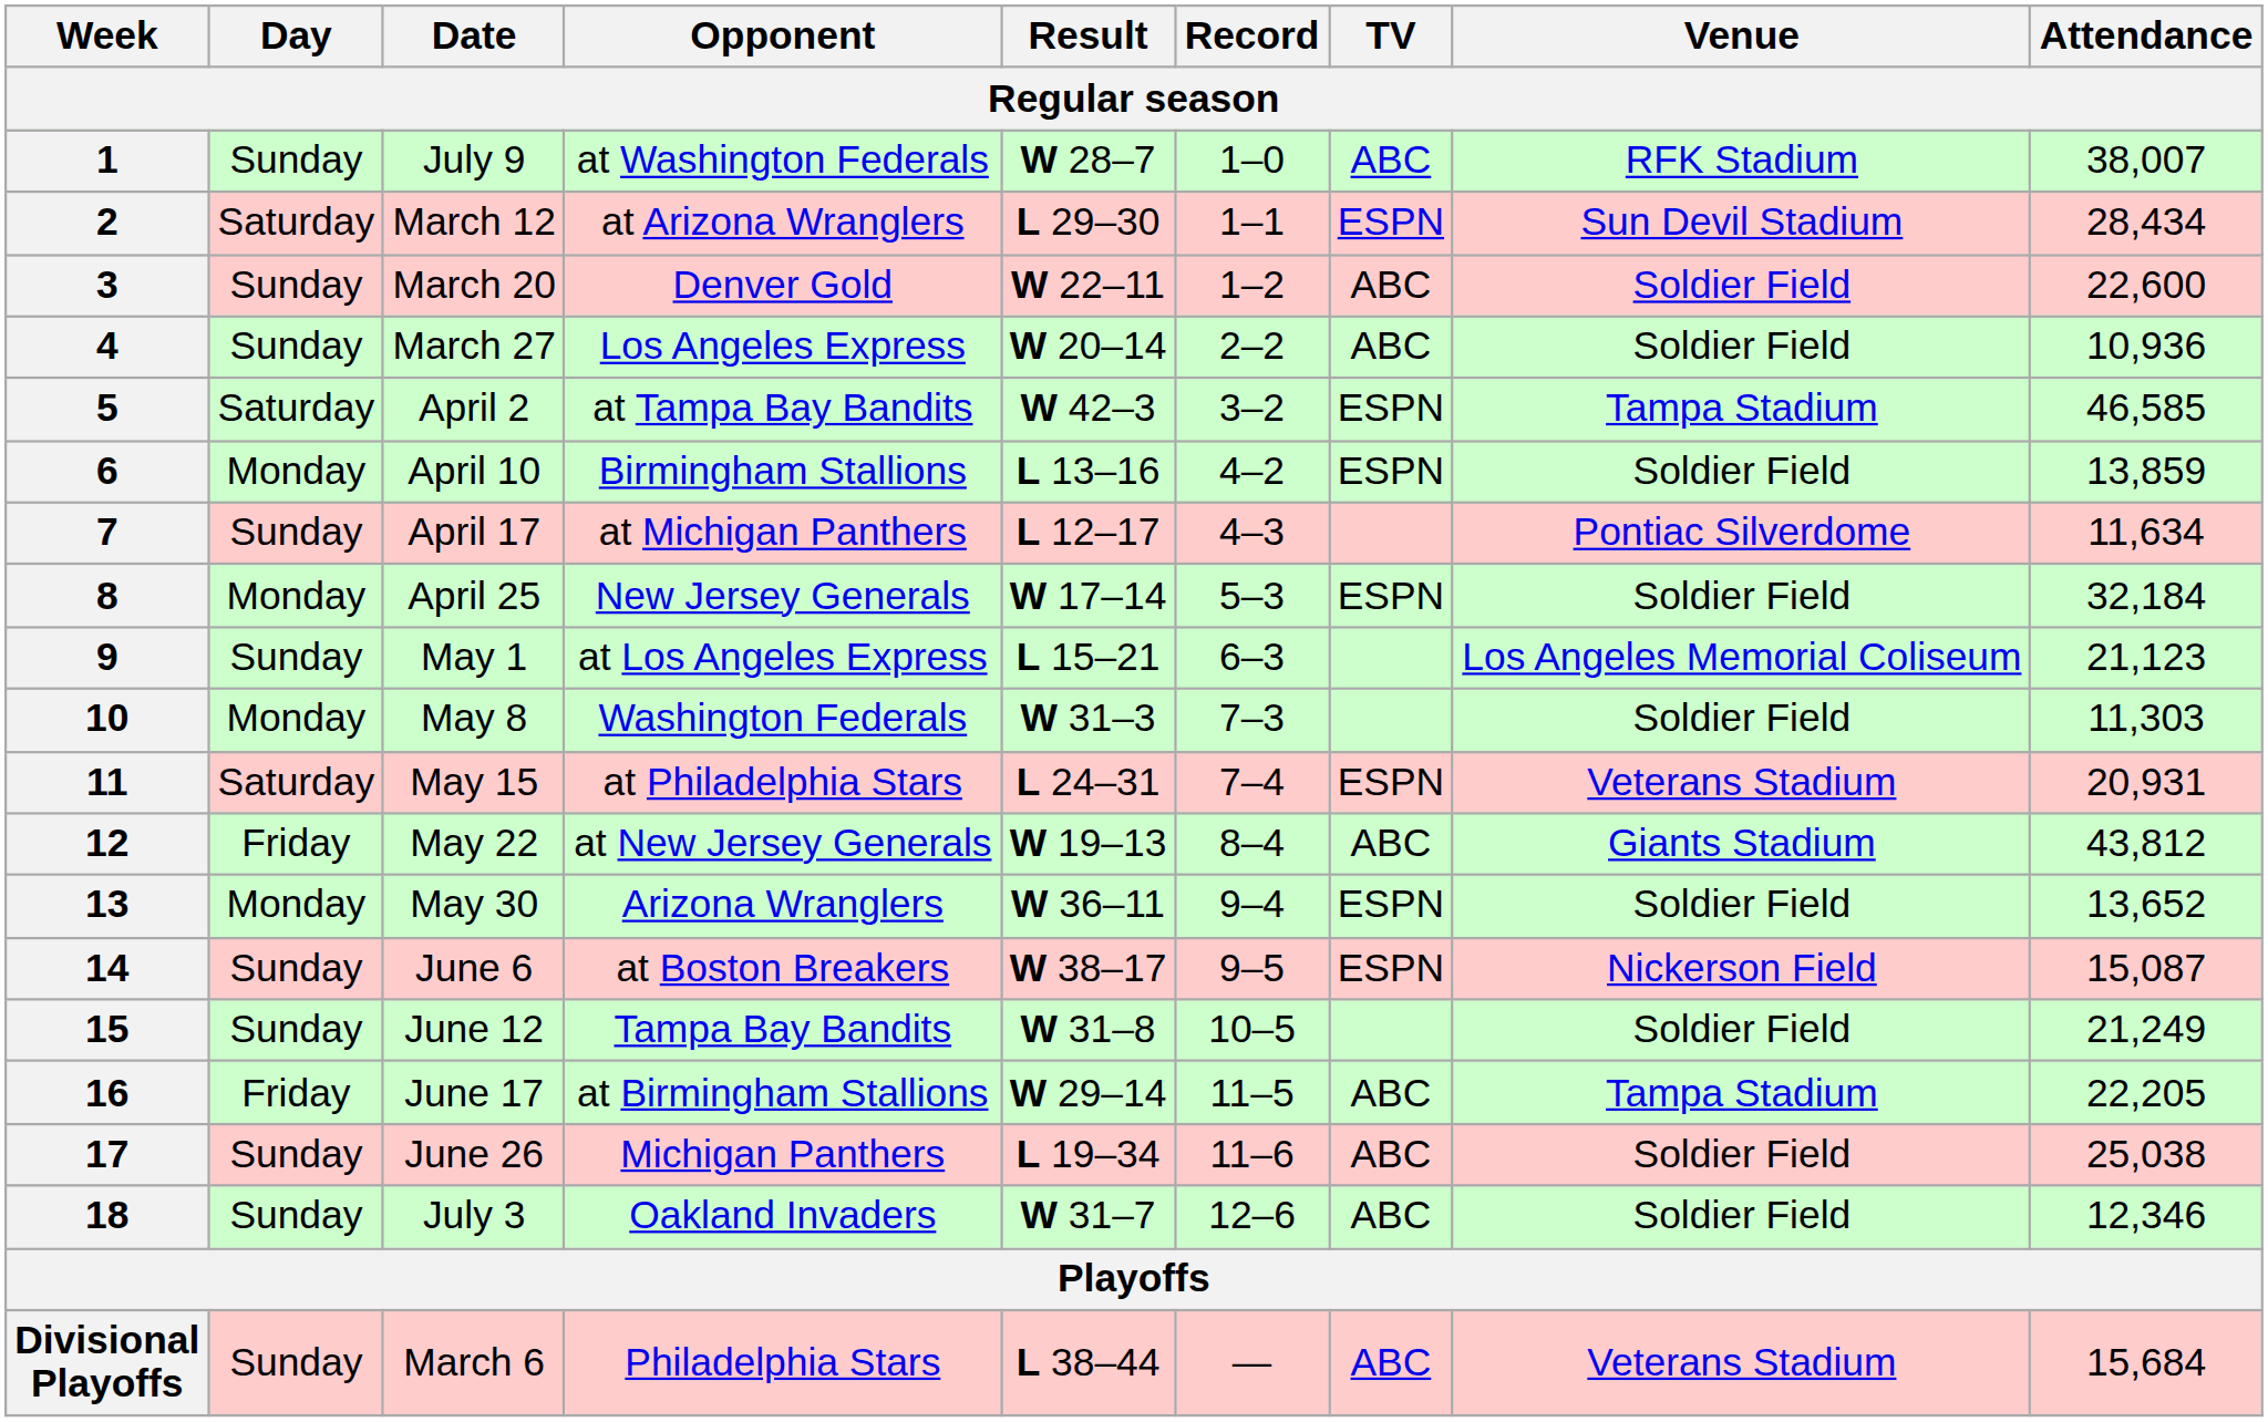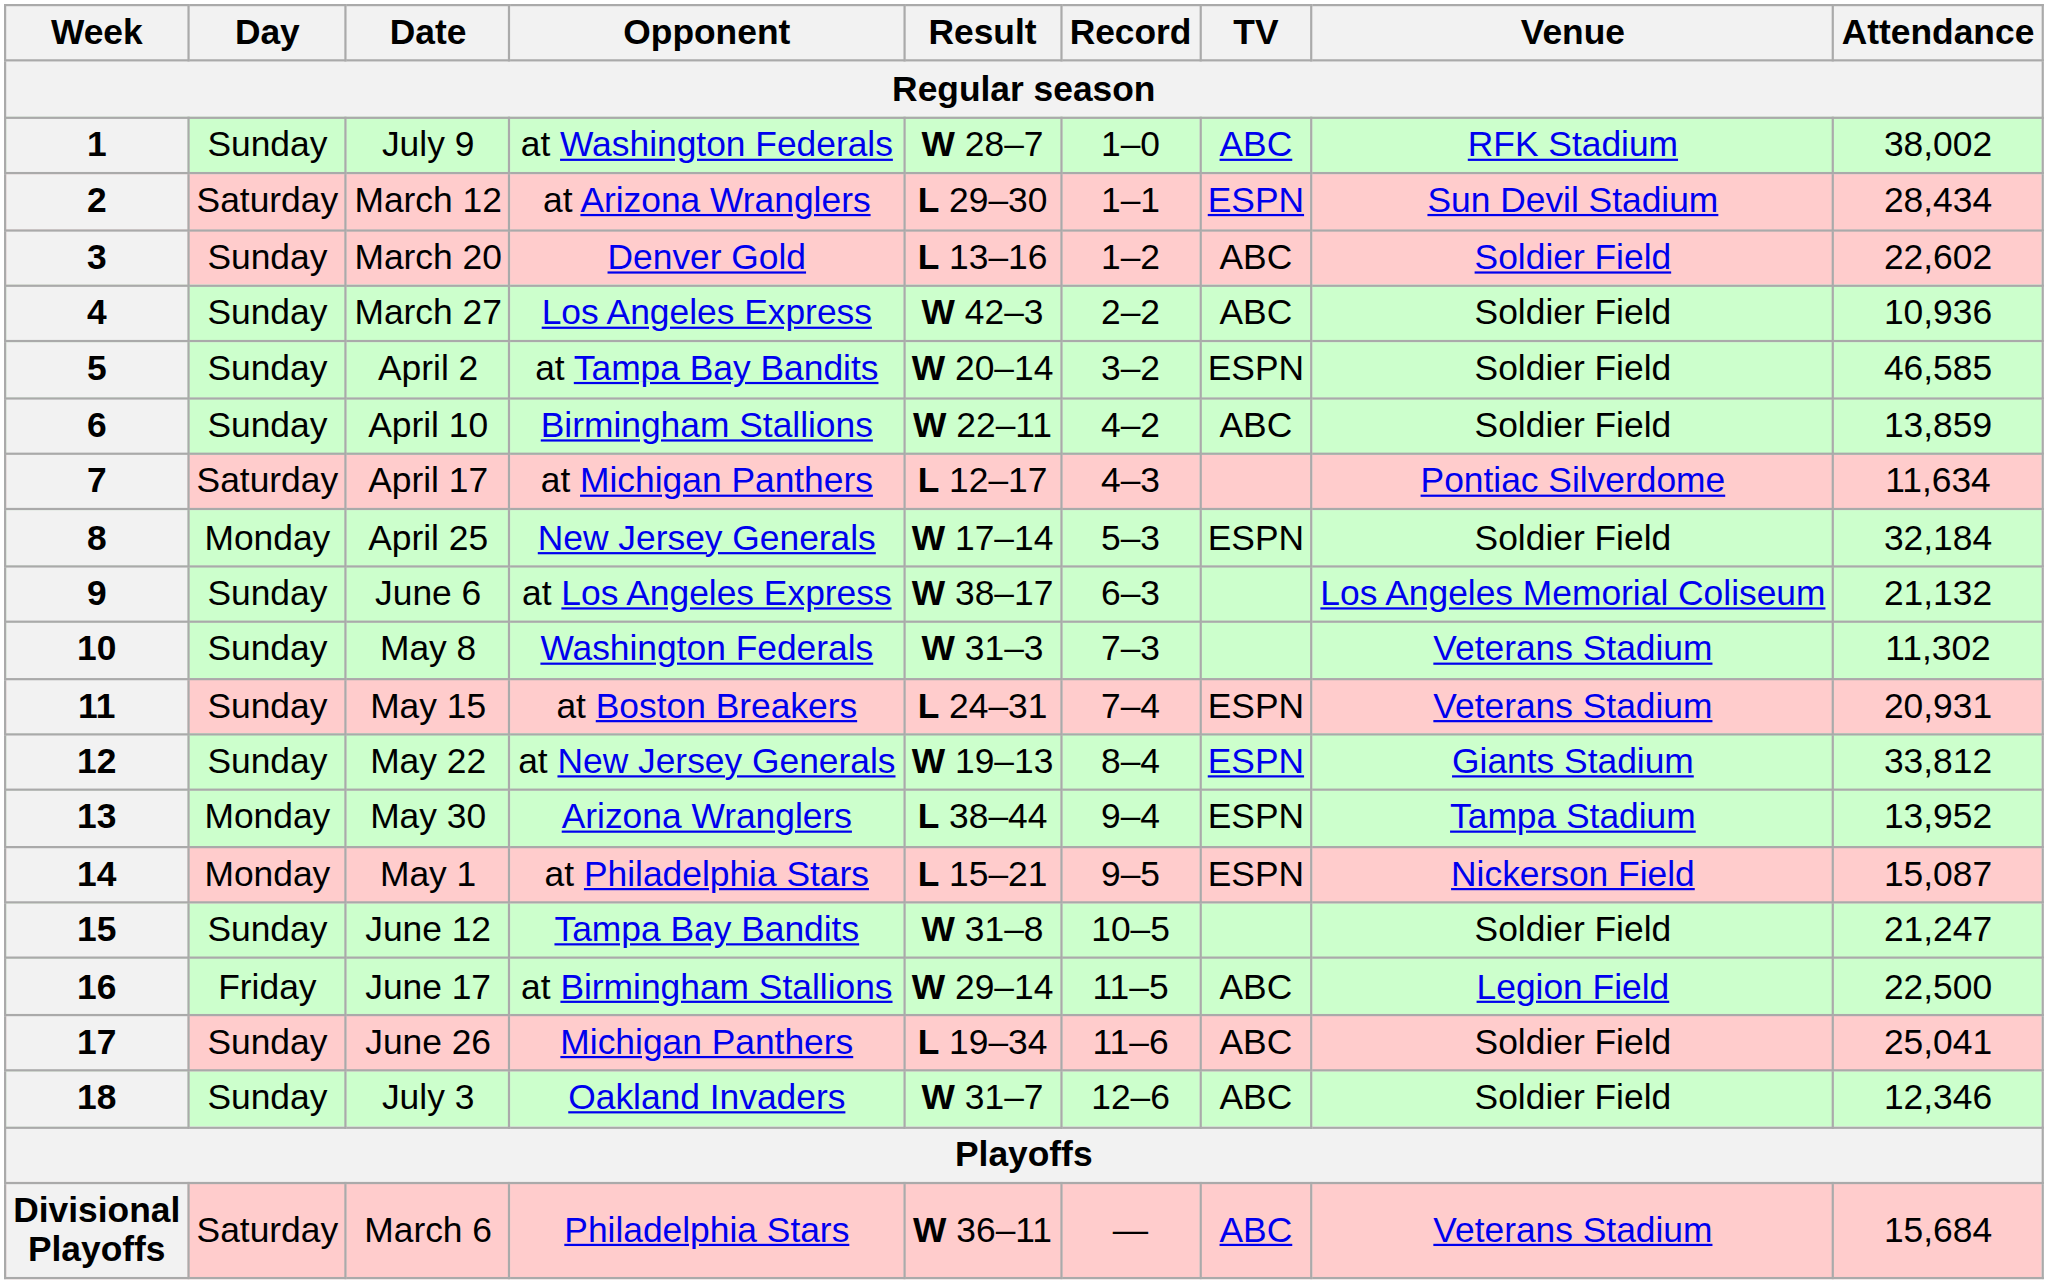 <table class="wikitable" style="text-align:center">
 <tr>
 <th>Week</th>
 <th>Day</th>
 <th>Date</th>
 <th>Opponent</th>
 <th>Result</th>
 <th>Record</th>
 <th>TV</th>
 <th>Venue</th>
 <th>Attendance</th>
 </tr>
 <tr>
 <th colspan="9">Regular season</th>
 </tr>
 <tr style="background:#cfc">
 <th>1</th>
 <td>Sunday</td>
 <td>July 9</td>
 <td>at <a href='#'>Washington Federals</a></td>
 <td><strong>W</strong> 28–7</td>
 <td>1–0</td>
 <td><a href='#'>ABC</a></td>
 <td><a href='#'>RFK Stadium</a></td>
-<td>38,007</td>
+<td>38,002</td>
 </tr>
 <tr style="background:#fcc">
 <th>2</th>
 <td>Saturday</td>
 <td>March 12</td>
 <td>at <a href='#'>Arizona Wranglers</a></td>
 <td><strong>L</strong> 29–30</td>
 <td>1–1</td>
 <td><a href='#'>ESPN</a></td>
 <td><a href='#'>Sun Devil Stadium</a></td>
 <td>28,434</td>
 </tr>
 <tr style="background:#fcc">
 <th>3</th>
 <td>Sunday</td>
 <td>March 20</td>
 <td><a href='#'>Denver Gold</a></td>
-<td><strong>W</strong> 22–11</td>
+<td><strong>L</strong> 13–16</td>
 <td>1–2</td>
 <td>ABC</td>
 <td><a href='#'>Soldier Field</a></td>
-<td>22,600</td>
+<td>22,602</td>
 </tr>
 <tr style="background:#cfc">
 <th>4</th>
 <td>Sunday</td>
 <td>March 27</td>
 <td><a href='#'>Los Angeles Express</a></td>
-<td><strong>W</strong> 20–14</td>
+<td><strong>W</strong> 42–3</td>
 <td>2–2</td>
 <td>ABC</td>
 <td>Soldier Field</td>
 <td>10,936</td>
 </tr>
 <tr style="background:#cfc">
 <th>5</th>
-<td>Saturday</td>
+<td>Sunday</td>
 <td>April 2</td>
 <td>at <a href='#'>Tampa Bay Bandits</a></td>
-<td><strong>W</strong> 42–3</td>
+<td><strong>W</strong> 20–14</td>
 <td>3–2</td>
 <td>ESPN</td>
-<td><a href='#'>Tampa Stadium</a></td>
+<td>Soldier Field</td>
 <td>46,585</td>
 </tr>
 <tr style="background:#cfc">
 <th>6</th>
-<td>Monday</td>
+<td>Sunday</td>
 <td>April 10</td>
 <td><a href='#'>Birmingham Stallions</a></td>
-<td><strong>L</strong> 13–16</td>
+<td><strong>W</strong> 22–11</td>
 <td>4–2</td>
-<td>ESPN</td>
+<td>ABC</td>
 <td>Soldier Field</td>
 <td>13,859</td>
 </tr>
 <tr style="background:#fcc">
 <th>7</th>
-<td>Sunday</td>
+<td>Saturday</td>
 <td>April 17</td>
 <td>at <a href='#'>Michigan Panthers</a></td>
 <td><strong>L</strong> 12–17</td>
 <td>4–3</td>
 <td></td>
 <td><a href='#'>Pontiac Silverdome</a></td>
 <td>11,634</td>
 </tr>
 <tr style="background:#cfc">
 <th>8</th>
 <td>Monday</td>
 <td>April 25</td>
 <td><a href='#'>New Jersey Generals</a></td>
 <td><strong>W</strong> 17–14 </td>
 <td>5–3</td>
 <td>ESPN</td>
 <td>Soldier Field</td>
 <td>32,184</td>
 </tr>
 <tr style="background:#cfc">
 <th>9</th>
 <td>Sunday</td>
-<td>May 1</td>
+<td>June 6</td>
 <td>at <a href='#'>Los Angeles Express</a></td>
-<td><strong>L</strong> 15–21</td>
+<td><strong>W</strong> 38–17</td>
 <td>6–3</td>
 <td></td>
 <td><a href='#'>Los Angeles Memorial Coliseum</a></td>
-<td>21,123</td>
+<td>21,132</td>
 </tr>
 <tr style="background:#cfc">
 <th>10</th>
-<td>Monday</td>
+<td>Sunday</td>
 <td>May 8</td>
 <td><a href='#'>Washington Federals</a></td>
 <td><strong>W</strong> 31–3</td>
 <td>7–3</td>
 <td></td>
-<td>Soldier Field</td>
-<td>11,303</td>
+<td><a href='#'>Veterans Stadium</a></td>
+<td>11,302</td>
 </tr>
 <tr style="background:#fcc">
 <th>11</th>
-<td>Saturday</td>
+<td>Sunday</td>
 <td>May 15</td>
-<td>at <a href='#'>Philadelphia Stars</a></td>
+<td>at <a href='#'>Boston Breakers</a></td>
 <td><strong>L</strong> 24–31</td>
 <td>7–4</td>
 <td>ESPN</td>
 <td><a href='#'>Veterans Stadium</a></td>
 <td>20,931</td>
 </tr>
 <tr style="background:#cfc">
 <th>12</th>
-<td>Friday</td>
+<td>Sunday</td>
 <td>May 22</td>
 <td>at <a href='#'>New Jersey Generals</a></td>
 <td><strong>W</strong> 19–13 </td>
 <td>8–4</td>
-<td>ABC</td>
+<td><a href='#'>ESPN</a></td>
 <td><a href='#'>Giants Stadium</a></td>
-<td>43,812</td>
+<td>33,812</td>
 </tr>
 <tr style="background:#cfc">
 <th>13</th>
 <td>Monday</td>
 <td>May 30</td>
 <td><a href='#'>Arizona Wranglers</a></td>
-<td><strong>W</strong> 36–11</td>
+<td><strong>L</strong> 38–44 </td>
 <td>9–4</td>
 <td>ESPN</td>
-<td>Soldier Field</td>
-<td>13,652</td>
+<td><a href='#'>Tampa Stadium</a></td>
+<td>13,952</td>
 </tr>
 <tr style="background:#fcc">
 <th>14</th>
-<td>Sunday</td>
-<td>June 6</td>
-<td>at <a href='#'>Boston Breakers</a></td>
-<td><strong>W</strong> 38–17</td>
+<td>Monday</td>
+<td>May 1</td>
+<td>at <a href='#'>Philadelphia Stars</a></td>
+<td><strong>L</strong> 15–21</td>
 <td>9–5</td>
 <td>ESPN</td>
 <td><a href='#'>Nickerson Field</a></td>
 <td>15,087</td>
 </tr>
 <tr style="background:#cfc">
 <th>15</th>
 <td>Sunday</td>
 <td>June 12</td>
 <td><a href='#'>Tampa Bay Bandits</a></td>
 <td><strong>W</strong> 31–8</td>
 <td>10–5</td>
 <td></td>
 <td>Soldier Field</td>
-<td>21,249</td>
+<td>21,247</td>
 </tr>
 <tr style="background:#cfc">
 <th>16</th>
 <td>Friday</td>
 <td>June 17</td>
 <td>at <a href='#'>Birmingham Stallions</a></td>
 <td><strong>W</strong> 29–14</td>
 <td>11–5</td>
 <td>ABC</td>
-<td><a href='#'>Tampa Stadium</a></td>
-<td>22,205</td>
+<td><a href='#'>Legion Field</a></td>
+<td>22,500</td>
 </tr>
 <tr style="background:#fcc">
 <th>17</th>
 <td>Sunday</td>
 <td>June 26</td>
 <td><a href='#'>Michigan Panthers</a></td>
 <td><strong>L</strong> 19–34</td>
 <td>11–6</td>
 <td>ABC</td>
 <td>Soldier Field</td>
-<td>25,038</td>
+<td>25,041</td>
 </tr>
 <tr style="background:#cfc">
 <th>18</th>
 <td>Sunday</td>
 <td>July 3</td>
 <td><a href='#'>Oakland Invaders</a></td>
 <td><strong>W</strong> 31–7</td>
 <td>12–6</td>
 <td>ABC</td>
 <td>Soldier Field</td>
 <td>12,346</td>
 </tr>
 <tr>
 <th colspan="9">Playoffs</th>
 </tr>
 <tr style="background:#fcc">
 <th>Divisional<br>Playoffs</th>
-<td>Sunday</td>
+<td>Saturday</td>
 <td>March 6</td>
 <td><a href='#'>Philadelphia Stars</a></td>
-<td><strong>L</strong> 38–44 </td>
+<td><strong>W</strong> 36–11</td>
 <td>—</td>
 <td><a href='#'>ABC</a></td>
 <td><a href='#'>Veterans Stadium</a></td>
 <td>15,684</td>
 </tr>
 </table>
